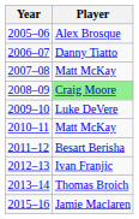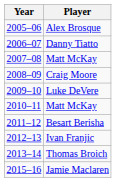 <table class="wikitable">
 <tr>
 <th>Year</th>
 <th>Player</th>
 </tr>
 <tr>
 <td><a href='#'>2005–06</a></td>
 <td> <a href='#'>Alex Brosque</a></td>
 </tr>
 <tr>
 <td><a href='#'>2006–07</a></td>
 <td> <a href='#'>Danny Tiatto</a></td>
 </tr>
 <tr>
 <td><a href='#'>2007–08</a></td>
 <td> <a href='#'>Matt McKay</a></td>
 </tr>
 <tr>
 <td><a href='#'>2008–09</a></td>
-<td style="background: lightgreen;"> <a href='#'>Craig Moore</a></td>
+<td> <a href='#'>Craig Moore</a></td>
 </tr>
 <tr>
 <td><a href='#'>2009–10</a></td>
 <td> <a href='#'>Luke DeVere</a></td>
 </tr>
 <tr>
 <td><a href='#'>2010–11</a></td>
 <td> <a href='#'>Matt McKay</a></td>
 </tr>
 <tr>
 <td><a href='#'>2011–12</a></td>
 <td> <a href='#'>Besart Berisha</a></td>
 </tr>
 <tr>
 <td><a href='#'>2012–13</a></td>
 <td> <a href='#'>Ivan Franjic</a></td>
 </tr>
 <tr>
 <td><a href='#'>2013–14</a></td>
 <td> <a href='#'>Thomas Broich</a></td>
 </tr>
 <tr>
 <td><a href='#'>2015–16</a></td>
 <td> <a href='#'>Jamie Maclaren</a></td>
 </tr>
 </table>
